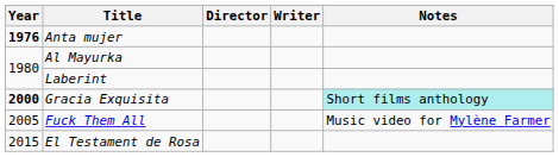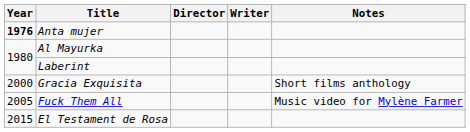 <table class="wikitable sortable">
 <tr>
 <th>Year</th>
 <th>Title</th>
 <th>Director</th>
 <th>Writer</th>
 <th>Notes</th>
 </tr>
 <tr>
 <td><strong>1976</strong></td>
 <td><em>Anta mujer</em></td>
 <td></td>
 <td></td>
 <td></td>
 </tr>
 <tr>
 <td rowspan=2>1980</td>
 <td><em>Al Mayurka</em></td>
 <td></td>
 <td></td>
 <td></td>
 </tr>
 <tr>
 <td><em>Laberint</em></td>
 <td></td>
 <td></td>
 <td></td>
 </tr>
 <tr>
-<td><strong>2000</strong></td>
+<td>2000</td>
 <td><em>Gracia Exquisita</em></td>
 <td></td>
 <td></td>
-<td style="background: paleturquoise;">Short films anthology</td>
+<td>Short films anthology</td>
 </tr>
 <tr>
 <td>2005</td>
 <td><em><a href='#'>Fuck Them All</a></em></td>
 <td></td>
 <td></td>
 <td>Music video for <a href='#'>Mylène Farmer</a></td>
 </tr>
 <tr>
 <td>2015</td>
 <td><em>El Testament de Rosa</em></td>
 <td></td>
 <td></td>
 <td></td>
 </tr>
 </table>
